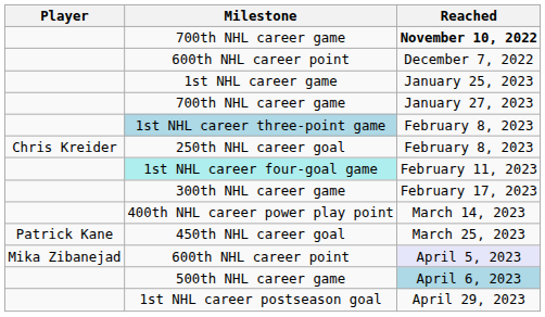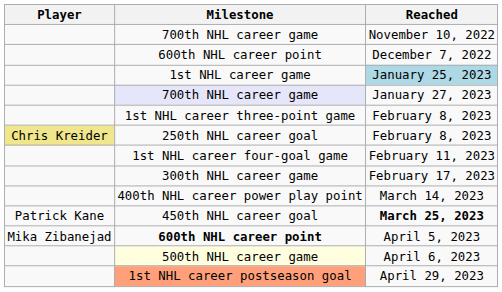 <table class="wikitable sortable" style="text-align:center;">
 <tr>
 <th>Player</th>
 <th>Milestone</th>
 <th>Reached</th>
 </tr>
 <tr>
 <td></td>
 <td>700th NHL career game</td>
-<td><strong>November 10, 2022</strong></td>
+<td>November 10, 2022</td>
 </tr>
 <tr>
 <td></td>
 <td>600th NHL career point</td>
 <td>December 7, 2022</td>
 </tr>
 <tr>
 <td></td>
 <td>1st NHL career game</td>
-<td>January 25, 2023</td>
+<td style="background: lightblue;">January 25, 2023</td>
 </tr>
 <tr>
 <td></td>
-<td>700th NHL career game</td>
+<td style="background: lavender;">700th NHL career game</td>
 <td>January 27, 2023</td>
 </tr>
 <tr>
 <td></td>
-<td style="background: lightblue;">1st NHL career three-point game</td>
+<td>1st NHL career three-point game</td>
 <td>February 8, 2023</td>
 </tr>
 <tr>
-<td>Chris Kreider</td>
+<td style="background: khaki;">Chris Kreider</td>
 <td>250th NHL career goal</td>
 <td>February 8, 2023</td>
 </tr>
 <tr>
 <td></td>
-<td style="background: paleturquoise;">1st NHL career four-goal game</td>
+<td>1st NHL career four-goal game</td>
 <td>February 11, 2023</td>
 </tr>
 <tr>
 <td></td>
 <td>300th NHL career game</td>
 <td>February 17, 2023</td>
 </tr>
 <tr>
 <td></td>
 <td>400th NHL career power play point</td>
 <td>March 14, 2023</td>
 </tr>
 <tr>
 <td>Patrick Kane</td>
 <td>450th NHL career goal</td>
-<td>March 25, 2023</td>
+<td><strong>March 25, 2023</strong></td>
 </tr>
 <tr>
 <td>Mika Zibanejad</td>
-<td>600th NHL career point</td>
-<td style="background: lavender;">April 5, 2023</td>
+<td><strong>600th NHL career point</strong></td>
+<td>April 5, 2023</td>
 </tr>
 <tr>
 <td></td>
-<td>500th NHL career game</td>
-<td style="background: lightblue;">April 6, 2023</td>
+<td style="background: lightyellow;">500th NHL career game</td>
+<td>April 6, 2023</td>
 </tr>
 <tr>
 <td></td>
-<td>1st NHL career postseason goal</td>
+<td style="background: lightsalmon;">1st NHL career postseason goal</td>
 <td>April 29, 2023</td>
 </tr>
 </table>
